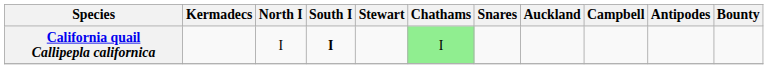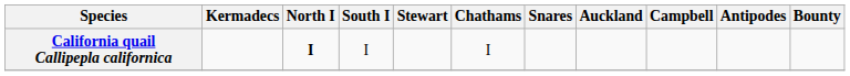 <table class="wikitable" style="text-align:center">
 <tr>
 <th width="200">Species</th>
 <th>Kermadecs</th>
 <th>North I</th>
 <th>South I</th>
 <th>Stewart</th>
 <th>Chathams</th>
 <th>Snares</th>
 <th>Auckland</th>
 <th>Campbell</th>
 <th>Antipodes</th>
 <th>Bounty</th>
 </tr>
 <tr>
 <th><a href='#'>California quail</a><br><em>Callipepla californica</em></th>
 <td></td>
+<td><strong>I</strong></td>
 <td>I</td>
-<td><strong>I</strong></td>
 <td></td>
-<td style="background: lightgreen;">I</td>
+<td>I</td>
 <td></td>
 <td></td>
 <td></td>
 <td></td>
 <td></td>
 </tr>
 <tr>
 </tr>
 </table>
